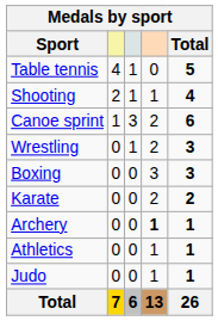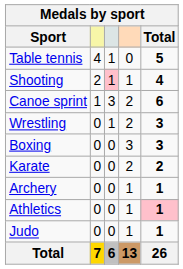 <table class="wikitable" style="text-align:center;font-size:85%;float:right;clear:right;">
 <tr style="background:#efefef;">
 <th colspan=5>Medals by sport</th>
 </tr>
 <tr>
 <th>Sport</th>
 <td bgcolor=#f7f6a8></td>
 <td bgcolor=#dce5e5></td>
 <td bgcolor=#ffdab9></td>
 <th>Total</th>
 </tr>
 <tr>
 <td align=left><a href='#'>Table tennis</a></td>
 <td>4</td>
 <td>1</td>
 <td>0</td>
 <td><strong>5</strong></td>
 </tr>
 <tr>
 <td align=left><a href='#'>Shooting</a></td>
 <td>2</td>
-<td>1</td>
+<td style="background: pink;">1</td>
 <td>1</td>
 <td><strong>4</strong></td>
 </tr>
 <tr>
 <td align=left><a href='#'>Canoe sprint</a></td>
 <td>1</td>
 <td>3</td>
 <td>2</td>
 <td><strong>6</strong></td>
 </tr>
 <tr>
 <td align=left><a href='#'>Wrestling</a></td>
 <td>0</td>
 <td>1</td>
 <td>2</td>
 <td><strong>3</strong></td>
 </tr>
 <tr>
 <td align=left><a href='#'>Boxing</a></td>
 <td>0</td>
 <td>0</td>
 <td>3</td>
 <td><strong>3</strong></td>
 </tr>
 <tr>
 <td align=left><a href='#'>Karate</a></td>
 <td>0</td>
 <td>0</td>
 <td>2</td>
 <td><strong>2</strong></td>
 </tr>
 <tr>
 <td align=left><a href='#'>Archery</a></td>
 <td>0</td>
 <td>0</td>
-<td><strong>1</strong></td>
+<td>1</td>
 <td><strong>1</strong></td>
 </tr>
 <tr>
 <td align=left><a href='#'>Athletics</a></td>
 <td>0</td>
 <td>0</td>
 <td>1</td>
-<td><strong>1</strong></td>
+<td style="background: pink;"><strong>1</strong></td>
 </tr>
 <tr>
 <td align=left><a href='#'>Judo</a></td>
 <td>0</td>
 <td>0</td>
 <td>1</td>
 <td><strong>1</strong></td>
 </tr>
 <tr>
 <th>Total</th>
 <th style="background:gold;">7</th>
 <th style="background:silver;">6</th>
 <th style="background:#c96;">13</th>
 <th>26</th>
 </tr>
 </table>
